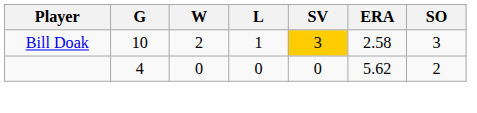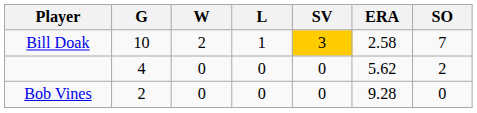 <table class="wikitable sortable">
 <tr>
 <th bgcolor="#DDDDFF" width="16%">Player</th>
 <th bgcolor="#DDDDFF" width="9%">G</th>
 <th bgcolor="#DDDDFF" width="9%">W</th>
 <th bgcolor="#DDDDFF" width="9%">L</th>
 <th bgcolor="#DDDDFF" width="9%">SV</th>
 <th bgcolor="#DDDDFF" width="9%">ERA</th>
 <th bgcolor="#DDDDFF" width="9%">SO</th>
 </tr>
 <tr align="center">
 <td><a href='#'>Bill Doak</a></td>
 <td>10</td>
 <td>2</td>
 <td>1</td>
 <td style="background:#fc0;">3</td>
 <td>2.58</td>
-<td>3</td>
+<td>7</td>
 </tr>
 <tr align=center>
 <td></td>
 <td>4</td>
 <td>0</td>
 <td>0</td>
 <td>0</td>
 <td>5.62</td>
 <td>2</td>
 </tr>
+<tr align="center">
+<td><a href='#'>Bob Vines</a></td>
+<td>2</td>
+<td>0</td>
+<td>0</td>
+<td>0</td>
+<td>9.28</td>
+<td>0</td>
+</tr>
 </table>
